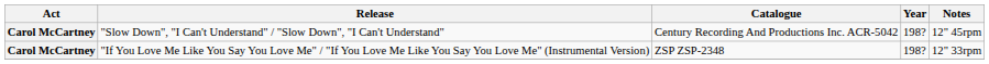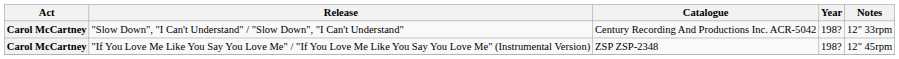 <table class="wikitable plainrowheaders sortable">
 <tr>
 <th scope="col" class="unsortable">Act</th>
 <th scope="col">Release</th>
 <th scope="col">Catalogue</th>
 <th scope="col">Year</th>
 <th scope="col" class="unsortable">Notes</th>
 </tr>
 <tr>
 <th scope="row">Carol McCartney</th>
 <td>"Slow Down", "I Can't Understand" / "Slow Down", "I Can't Understand"</td>
 <td>Century Recording And Productions Inc. ACR-5042</td>
 <td>198?</td>
-<td>12" 45rpm</td>
+<td>12" 33rpm</td>
 </tr>
 <tr>
 <th scope="row">Carol McCartney</th>
 <td>"If You Love Me Like You Say You Love Me" / "If You Love Me Like You Say You Love Me" (Instrumental Version)</td>
 <td>ZSP ZSP-2348</td>
 <td>198?</td>
-<td>12" 33rpm</td>
+<td>12" 45rpm</td>
 </tr>
 <tr>
 </tr>
 </table>
